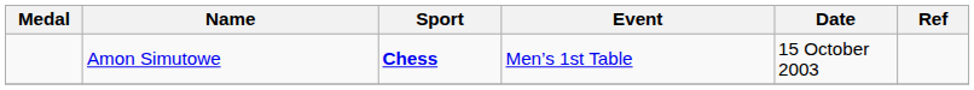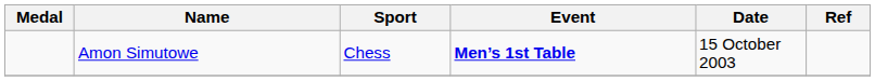 <table class="wikitable sortable" style="font-size:100%">
 <tr>
 <th width="60">Medal</th>
 <th width="250">Name</th>
 <th width="100">Sport</th>
 <th width="230">Event</th>
 <th width="100">Date</th>
 <th width="55">Ref</th>
 </tr>
 <tr>
 <td></td>
 <td><a href='#'>Amon Simutowe</a></td>
-<td><strong><a href='#'>Chess</a></strong></td>
-<td><a href='#'>Men’s 1st Table</a></td>
+<td><a href='#'>Chess</a></td>
+<td><strong><a href='#'>Men’s 1st Table</a></strong></td>
 <td>15 October 2003</td>
 <td></td>
 </tr>
 <tr>
 </tr>
 </table>
